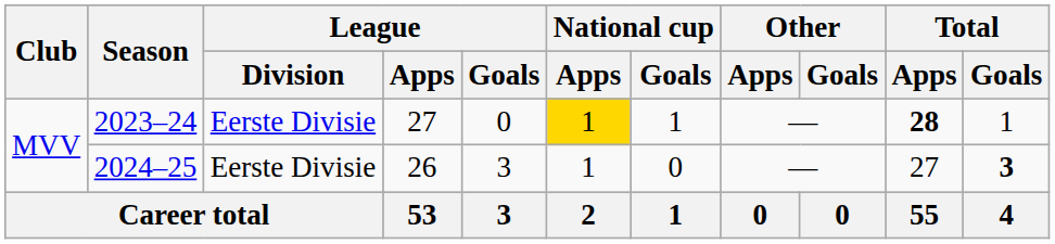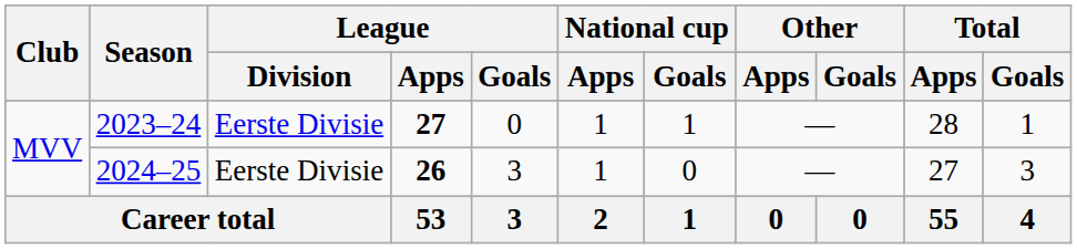 <table class="wikitable" style="text-align:center">
 <tr>
 <th rowspan="2">Club</th>
 <th rowspan="2">Season</th>
 <th colspan="3">League</th>
 <th colspan="2">National cup</th>
 <th colspan="2">Other</th>
 <th colspan="2">Total</th>
 </tr>
 <tr>
 <th>Division</th>
 <th>Apps</th>
 <th>Goals</th>
 <th>Apps</th>
 <th>Goals</th>
 <th>Apps</th>
 <th>Goals</th>
 <th>Apps</th>
 <th>Goals</th>
 </tr>
 <tr>
 <td rowspan="2"><a href='#'>MVV</a></td>
 <td><a href='#'>2023–24</a></td>
 <td><a href='#'>Eerste Divisie</a></td>
-<td>27</td>
+<td><strong>27</strong></td>
 <td>0</td>
-<td style="background: gold;">1</td>
+<td>1</td>
 <td>1</td>
 <td colspan="2">—</td>
-<td><strong>28</strong></td>
+<td>28</td>
 <td>1</td>
 </tr>
 <tr>
 <td><a href='#'>2024–25</a></td>
 <td>Eerste Divisie</td>
-<td>26</td>
+<td><strong>26</strong></td>
 <td>3</td>
 <td>1</td>
 <td>0</td>
 <td colspan="2">—</td>
 <td>27</td>
-<td><strong>3</strong></td>
+<td>3</td>
 </tr>
 <tr>
 <th colspan="3">Career total</th>
 <th>53</th>
 <th>3</th>
 <th>2</th>
 <th>1</th>
 <th>0</th>
 <th>0</th>
 <th>55</th>
 <th>4</th>
 </tr>
 </table>
